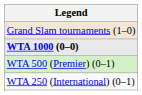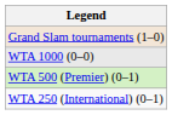 <table class="wikitable" style=font-size:90%>
 <tr>
 <th>Legend</th>
 </tr>
 <tr>
 <td bgcolor="f3e6d7"><a href='#'>Grand Slam tournaments</a> (1–0)</td>
 </tr>
 <tr>
-<td style="background:#e9e9e9;"><strong><a href='#'>WTA 1000</a> (0–0)</strong></td>
+<td style="background:#e9e9e9;"><a href='#'>WTA 1000</a> (0–0)</td>
 </tr>
 <tr>
 <td style="background:#d4f1c5;"><a href='#'>WTA 500</a> (<a href='#'>Premier</a>) (0–1)</td>
 </tr>
 <tr>
 <td><a href='#'>WTA 250</a> (<a href='#'>International</a>) (0–1)</td>
 </tr>
 </table>
